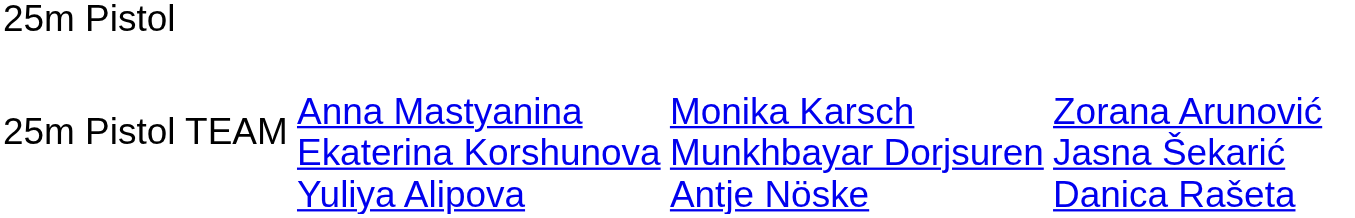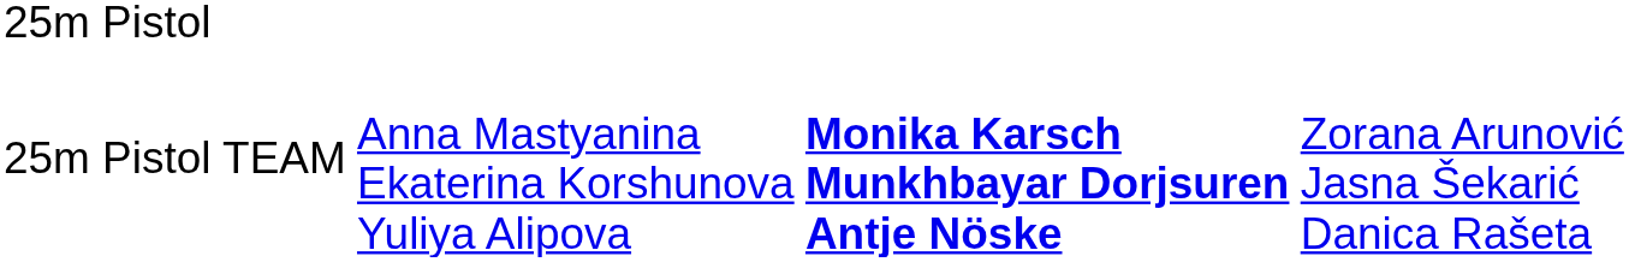 <table>
 <tr>
 <td>25m Pistol</td>
 <td></td>
 <td></td>
 <td></td>
 </tr>
 <tr>
 <td>25m Pistol TEAM</td>
 <td><br><a href='#'>Anna Mastyanina</a><br><a href='#'>Ekaterina Korshunova</a><br><a href='#'>Yuliya Alipova</a></td>
-<td><br><a href='#'>Monika Karsch</a><br><a href='#'>Munkhbayar Dorjsuren</a><br><a href='#'>Antje Nöske</a></td>
+<td><strong><br><a href='#'>Monika Karsch</a><br><a href='#'>Munkhbayar Dorjsuren</a><br><a href='#'>Antje Nöske</a></strong></td>
 <td><br><a href='#'>Zorana Arunović</a><br><a href='#'>Jasna Šekarić</a><br><a href='#'>Danica Rašeta</a></td>
 </tr>
 </table>
